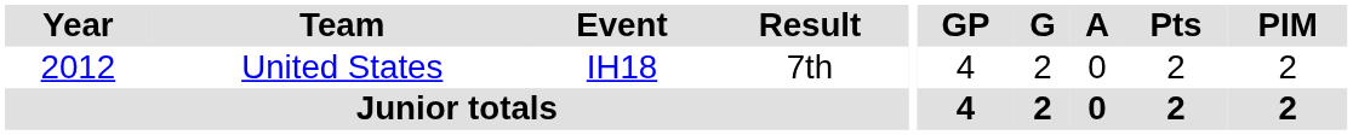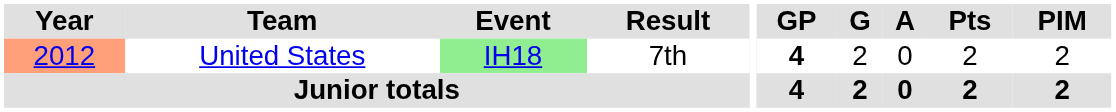 <table border="0" cellpadding="1" cellspacing="0" ID="Table3" style="text-align:center; width:40em">
 <tr ALIGN="center" bgcolor="#e0e0e0">
 <th>Year</th>
 <th>Team</th>
 <th>Event</th>
 <th>Result</th>
 <th rowspan="99" bgcolor="#ffffff"></th>
 <th>GP</th>
 <th>G</th>
 <th>A</th>
 <th>Pts</th>
 <th>PIM</th>
 </tr>
 <tr>
-<td><a href='#'>2012</a></td>
+<td style="background: lightsalmon;"><a href='#'>2012</a></td>
 <td><a href='#'>United States</a></td>
-<td><a href='#'>IH18</a></td>
+<td style="background: lightgreen;"><a href='#'>IH18</a></td>
 <td>7th</td>
-<td>4</td>
+<td><strong>4</strong></td>
 <td>2</td>
 <td>0</td>
 <td>2</td>
 <td>2</td>
 </tr>
 <tr bgcolor="#e0e0e0">
 <th colspan="4">Junior totals</th>
 <th>4</th>
 <th>2</th>
 <th>0</th>
 <th>2</th>
 <th>2</th>
 </tr>
 </table>
